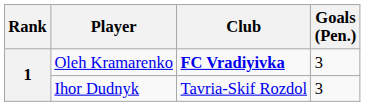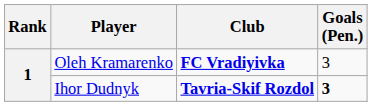 <table class="wikitable">
 <tr>
 <th>Rank</th>
 <th>Player</th>
 <th>Club</th>
 <th>Goals<br>(Pen.)</th>
 </tr>
 <tr>
 <th rowspan=2>1</th>
 <td align="left"> <a href='#'>Oleh Kramarenko</a></td>
 <td align="left"><strong><a href='#'>FC Vradiyivka</a></strong></td>
 <td>3</td>
 </tr>
 <tr>
 <td align="left"> <a href='#'>Ihor Dudnyk</a></td>
-<td align="left"><a href='#'>Tavria-Skif Rozdol</a></td>
-<td>3</td>
+<td align="left"><strong><a href='#'>Tavria-Skif Rozdol</a></strong></td>
+<td><strong>3</strong></td>
 </tr>
 </table>
